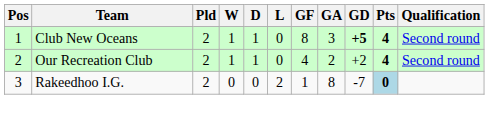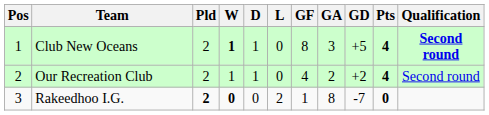 <table class="wikitable" style="text-align:center">
 <tr>
 <th style="width:20px;" abbr="Position">Pos</th>
 <th width=175>Team</th>
 <th style="width:20px;" abbr="Played">Pld</th>
 <th style="width:20px;" abbr="Won">W</th>
 <th style="width:20px;" abbr="Drawn">D</th>
 <th style="width:20px;" abbr="Lost">L</th>
 <th style="width:20px;" abbr="Goals for">GF</th>
 <th style="width:20px;" abbr="Goals against">GA</th>
 <th style="width:20px;" abbr="Goal difference">GD</th>
 <th style="width:20px;" abbr="Points">Pts</th>
 <th style="width:20px;">Qualification</th>
 </tr>
 <tr style="background:#cfc;">
 <td>1</td>
 <td align=left>Club New Oceans</td>
 <td>2</td>
-<td>1</td>
+<td><strong>1</strong></td>
 <td>1</td>
 <td>0</td>
 <td>8</td>
 <td>3</td>
-<td><strong>+5</strong></td>
+<td>+5</td>
 <td><strong>4</strong></td>
-<td><a href='#'>Second round</a></td>
+<td><strong><a href='#'>Second round</a></strong></td>
 </tr>
 <tr style="background:#cfc;">
 <td>2</td>
 <td align=left>Our Recreation Club</td>
 <td>2</td>
 <td>1</td>
 <td>1</td>
 <td>0</td>
 <td>4</td>
 <td>2</td>
 <td>+2</td>
 <td><strong>4</strong></td>
 <td><a href='#'>Second round</a></td>
 </tr>
 <tr>
 <td>3</td>
 <td align=left>Rakeedhoo I.G.</td>
-<td>2</td>
-<td>0</td>
+<td><strong>2</strong></td>
+<td><strong>0</strong></td>
 <td>0</td>
 <td>2</td>
 <td>1</td>
 <td>8</td>
 <td>-7</td>
-<td style="background: lightblue;"><strong>0</strong></td>
+<td><strong>0</strong></td>
 </tr>
 </table>
